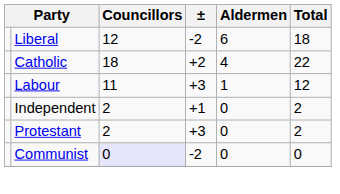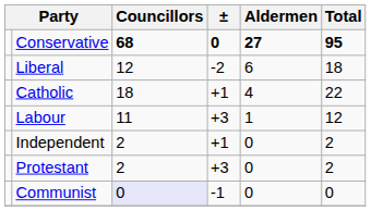 <table class="wikitable">
 <tr>
 <th colspan="2">Party</th>
 <th>Councillors</th>
 <th>  ±  </th>
 <th>Aldermen</th>
 <th>Total</th>
+</tr>
+<tr>
+<td style="background-color: "></td>
+<td><a href='#'>Conservative</a></td>
+<td><strong>68</strong></td>
+<td><strong>0</strong></td>
+<td><strong>27</strong></td>
+<td><strong>95</strong></td>
 </tr>
 <tr>
 <td style="background-color: "></td>
 <td><a href='#'>Liberal</a></td>
 <td>12</td>
 <td>-2</td>
 <td>6</td>
 <td>18</td>
 </tr>
 <tr>
 <td style="background-color: "></td>
 <td><a href='#'>Catholic</a></td>
 <td>18</td>
-<td>+2</td>
+<td>+1</td>
 <td>4</td>
 <td>22</td>
 </tr>
 <tr>
 <td style="background-color: "></td>
 <td><a href='#'>Labour</a></td>
 <td>11</td>
 <td>+3</td>
 <td>1</td>
 <td>12</td>
 </tr>
 <tr>
 <td style="background-color: "></td>
 <td>Independent</td>
 <td>2</td>
 <td>+1</td>
 <td>0</td>
 <td>2</td>
 </tr>
 <tr>
 <td style="background-color: "></td>
 <td><a href='#'>Protestant</a></td>
 <td>2</td>
 <td>+3</td>
 <td>0</td>
 <td>2</td>
 </tr>
 <tr>
 <td style="background-color: "></td>
 <td><a href='#'>Communist</a></td>
 <td style="background: lavender;">0</td>
-<td>-2</td>
+<td>-1</td>
 <td>0</td>
 <td>0</td>
 </tr>
 <tr>
 </tr>
 </table>
